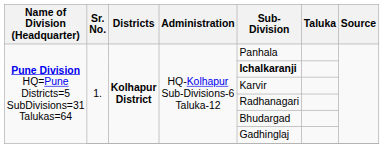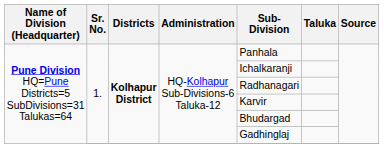 <table class=wikitable style="text-align:left" width=570px>
 <tr>
 <th>Name of Division<br>(Headquarter)</th>
 <th>Sr. No.</th>
 <th>Districts</th>
 <th>Administration</th>
 <th>Sub-Division</th>
 <th>Taluka</th>
 <th>Source</th>
 </tr>
 <tr>
 <td rowspan = 45 align = center><strong><a href='#'>Pune Division</a></strong> <br> HQ=<a href='#'>Pune</a> <br> Districts=5 <br> SubDivisions=31 <br> Talukas=64</td>
 <td rowspan = 6 align = center>1.</td>
 <td rowspan = 6 align = center><strong>Kolhapur District</strong></td>
 <td rowspan = 6 align = center>HQ-<a href='#'>Kolhapur</a> <br> Sub-Divisions-6 <br> Taluka-12</td>
 <td>Panhala</td>
 <td></td>
 <td rowspan = 6 align = center></td>
 </tr>
 <tr>
-<td><strong>Ichalkaranji</strong></td>
+<td>Ichalkaranji</td>
+<td></td>
+</tr>
+<tr>
+<td>Radhanagari</td>
 <td></td>
 </tr>
 <tr>
 <td>Karvir</td>
-<td></td>
-</tr>
-<tr>
-<td>Radhanagari</td>
 <td></td>
 </tr>
 <tr>
 <td>Bhudargad</td>
 <td></td>
 </tr>
 <tr>
 <td>Gadhinglaj</td>
 <td></td>
 </tr>
 <tr>
 </tr>
 </table>
